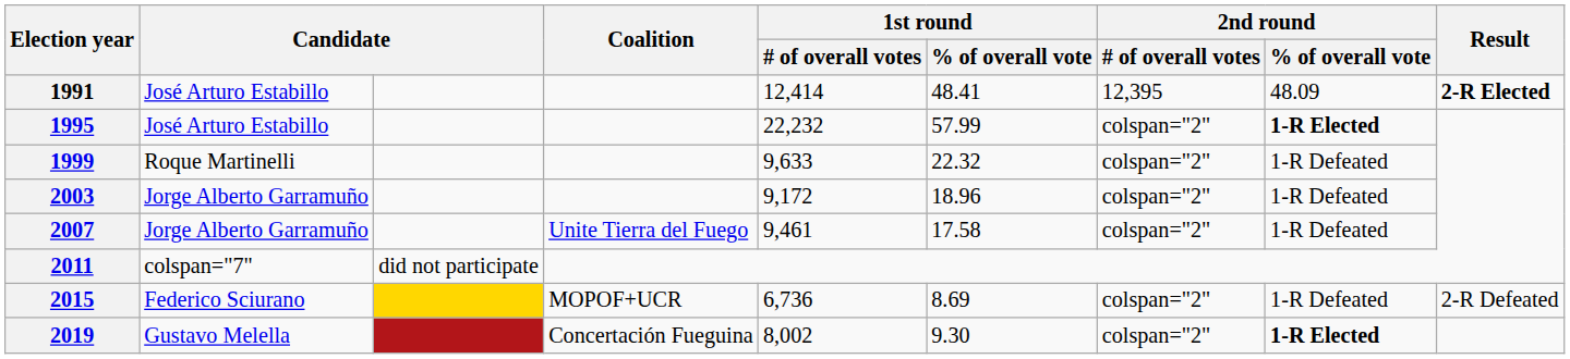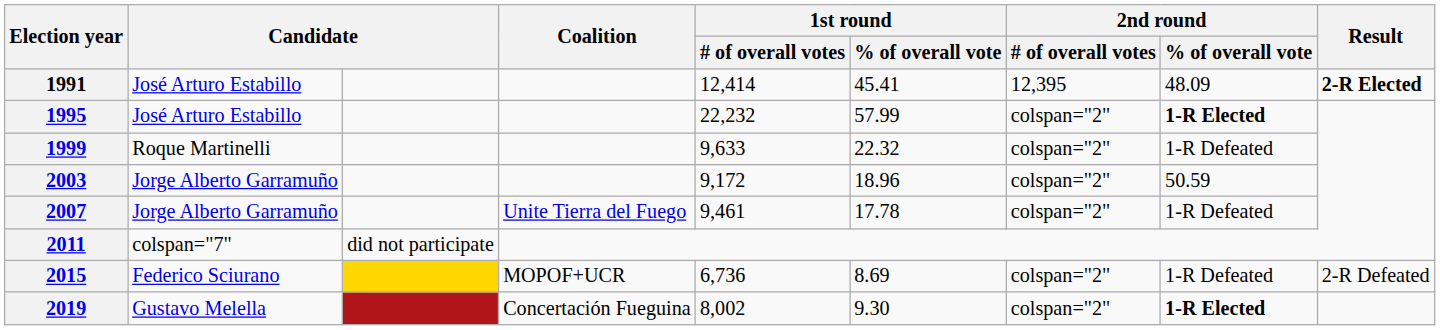 <table class=wikitable>
 <tr>
 <th rowspan="2">Election year</th>
 <th rowspan="2" colspan="2">Candidate</th>
 <th rowspan="2">Coalition</th>
 <th colspan="2">1st round</th>
 <th colspan="2">2nd round</th>
 <th rowspan="2">Result</th>
 </tr>
 <tr>
 <th># of overall votes</th>
 <th>% of overall vote</th>
 <th># of overall votes</th>
 <th>% of overall vote</th>
 </tr>
 <tr>
 <th>1991</th>
 <td><a href='#'>José Arturo Estabillo</a></td>
 <td bgcolor=></td>
 <td></td>
 <td>12,414</td>
-<td>48.41</td>
+<td>45.41</td>
 <td>12,395</td>
 <td>48.09</td>
 <td> <strong>2-R Elected</strong></td>
 </tr>
 <tr>
 <th><a href='#'>1995</a></th>
 <td><a href='#'>José Arturo Estabillo</a></td>
 <td bgcolor=></td>
 <td></td>
 <td>22,232</td>
 <td>57.99</td>
 <td>colspan="2" </td>
 <td> <strong>1-R Elected</strong></td>
 </tr>
 <tr>
 <th><a href='#'>1999</a></th>
 <td>Roque Martinelli</td>
 <td bgcolor=></td>
 <td></td>
 <td>9,633</td>
 <td>22.32</td>
 <td>colspan="2" </td>
 <td> 1-R Defeated</td>
 </tr>
 <tr>
 <th><a href='#'>2003</a></th>
 <td><a href='#'>Jorge Alberto Garramuño</a></td>
 <td bgcolor=></td>
 <td></td>
 <td>9,172</td>
 <td>18.96</td>
 <td>colspan="2" </td>
-<td> 1-R Defeated</td>
+<td>50.59</td>
 </tr>
 <tr>
 <th><a href='#'>2007</a></th>
 <td><a href='#'>Jorge Alberto Garramuño</a></td>
 <td bgcolor=></td>
 <td><a href='#'>Unite Tierra del Fuego</a></td>
 <td>9,461</td>
-<td>17.58</td>
+<td>17.78</td>
 <td>colspan="2" </td>
 <td> 1-R Defeated</td>
 </tr>
 <tr>
 <th><a href='#'>2011</a></th>
 <td>colspan="7" </td>
 <td>did not participate</td>
 </tr>
 <tr>
 <th><a href='#'>2015</a></th>
 <td><a href='#'>Federico Sciurano</a></td>
 <td bgcolor=#FFD700></td>
 <td>MOPOF+UCR</td>
 <td>6,736</td>
 <td>8.69</td>
 <td>colspan="2" </td>
 <td> 1-R Defeated</td>
 <td> 2-R Defeated</td>
 </tr>
 <tr>
 <th><a href='#'>2019</a></th>
 <td><a href='#'>Gustavo Melella</a></td>
 <td bgcolor=#B21519></td>
 <td>Concertación Fueguina</td>
 <td>8,002</td>
 <td>9.30</td>
 <td>colspan="2" </td>
 <td> <strong>1-R Elected</strong></td>
 </tr>
 </table>
